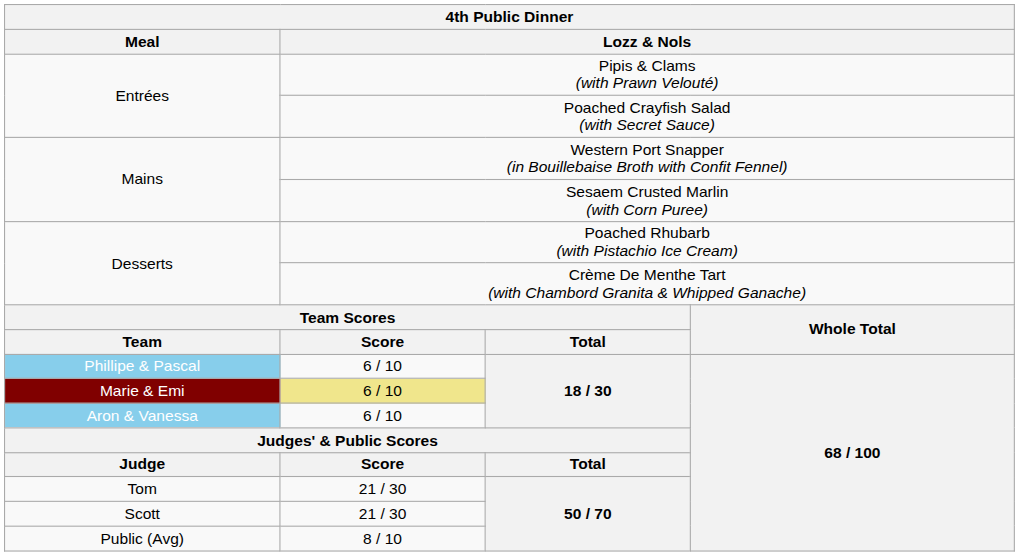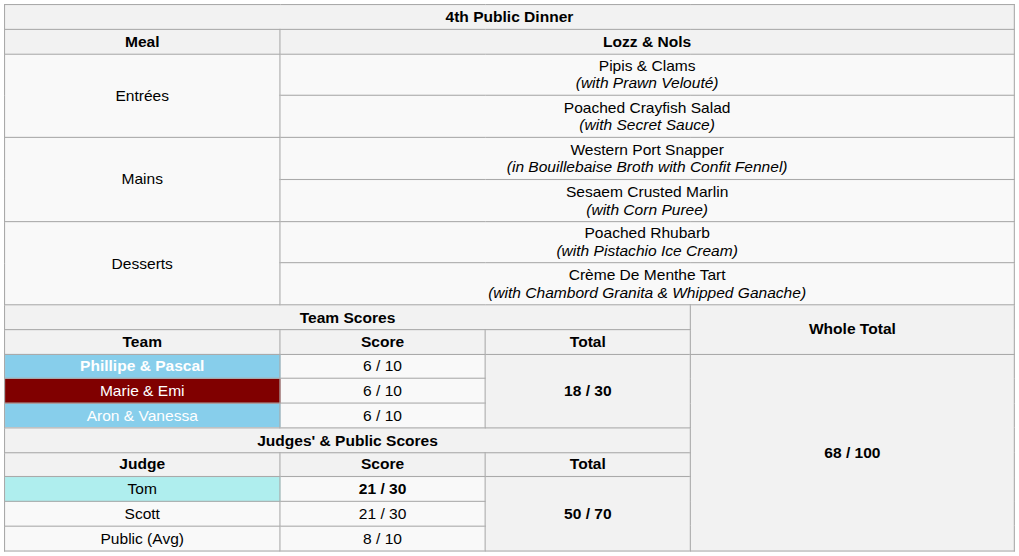 <table class="wikitable plainrowheaders" style="text-align:center; font-size:90%; width:65em;">
 <tr>
 <th colspan="4" >4th Public Dinner</th>
 </tr>
 <tr>
 <th style="width:15%;">Meal</th>
 <th colspan="3" style="width:40%;">Lozz & Nols</th>
 </tr>
 <tr>
 <td rowspan="2">Entrées</td>
 <td colspan="3">Pipis & Clams<br><em>(with Prawn Velouté)</em></td>
 </tr>
 <tr>
 <td colspan="3">Poached Crayfish Salad<br><em>(with Secret Sauce)</em></td>
 </tr>
 <tr>
 <td rowspan="2">Mains</td>
 <td colspan="3">Western Port Snapper<br><em>(in Bouillebaise Broth with Confit Fennel)</em></td>
 </tr>
 <tr>
 <td colspan="3">Sesaem Crusted Marlin<br><em>(with Corn Puree)</em></td>
 </tr>
 <tr>
 <td rowspan="2">Desserts</td>
 <td colspan="3">Poached Rhubarb<br><em>(with Pistachio Ice Cream)</em></td>
 </tr>
 <tr>
 <td colspan="3">Crème De Menthe Tart<br><em>(with Chambord Granita & Whipped Ganache)</em></td>
 </tr>
 <tr>
 <th colspan="3" >Team Scores</th>
 <th rowspan="2">Whole Total</th>
 </tr>
 <tr>
 <th>Team</th>
 <th>Score</th>
 <th>Total</th>
 </tr>
 <tr>
-<td style="background:skyblue; color:white;">Phillipe & Pascal</td>
+<td style="background:skyblue; color:white;"><strong>Phillipe & Pascal</strong></td>
 <td>6 / 10</td>
 <th rowspan="3">18 / 30</th>
 <th rowspan="10">68 / 100</th>
 </tr>
 <tr>
 <td style="background:maroon; color:white;">Marie & Emi</td>
-<td style="background: khaki;">6 / 10</td>
+<td>6 / 10</td>
 </tr>
 <tr>
 <td style="background:skyblue; color:white;">Aron & Vanessa</td>
 <td>6 / 10</td>
 </tr>
 <tr>
 <th colspan="3" >Judges' & Public Scores</th>
 </tr>
 <tr>
 <th>Judge</th>
 <th>Score</th>
 <th>Total</th>
 </tr>
 <tr>
-<td>Tom</td>
-<td>21 / 30</td>
+<td style="background: paleturquoise;">Tom</td>
+<td><strong>21 / 30</strong></td>
 <th rowspan="3">50 / 70</th>
 </tr>
 <tr>
 <td>Scott</td>
 <td>21 / 30</td>
 </tr>
 <tr>
 <td>Public (Avg)</td>
 <td>8 / 10</td>
 </tr>
 </table>
